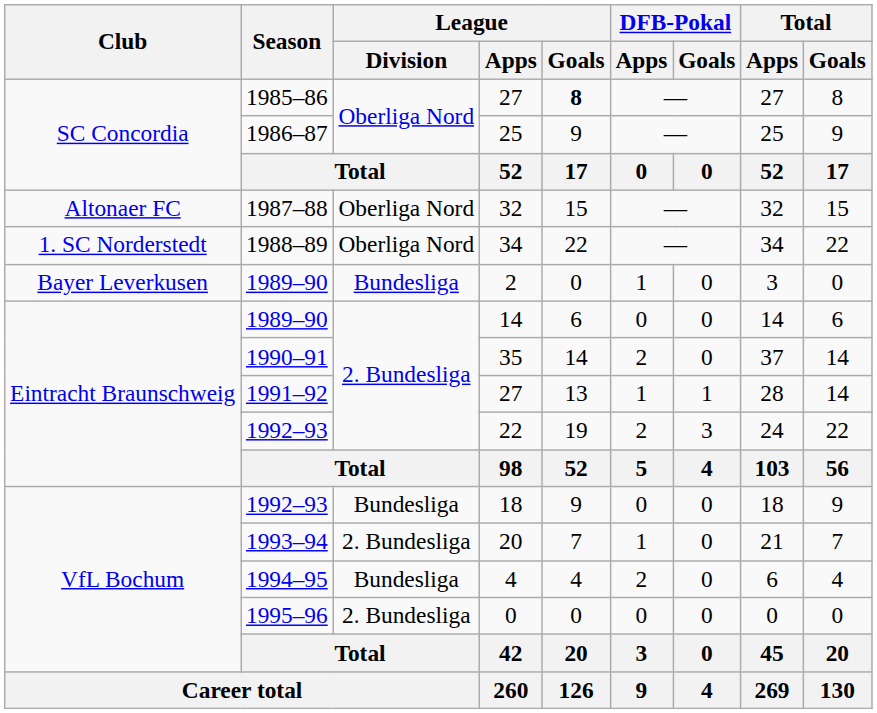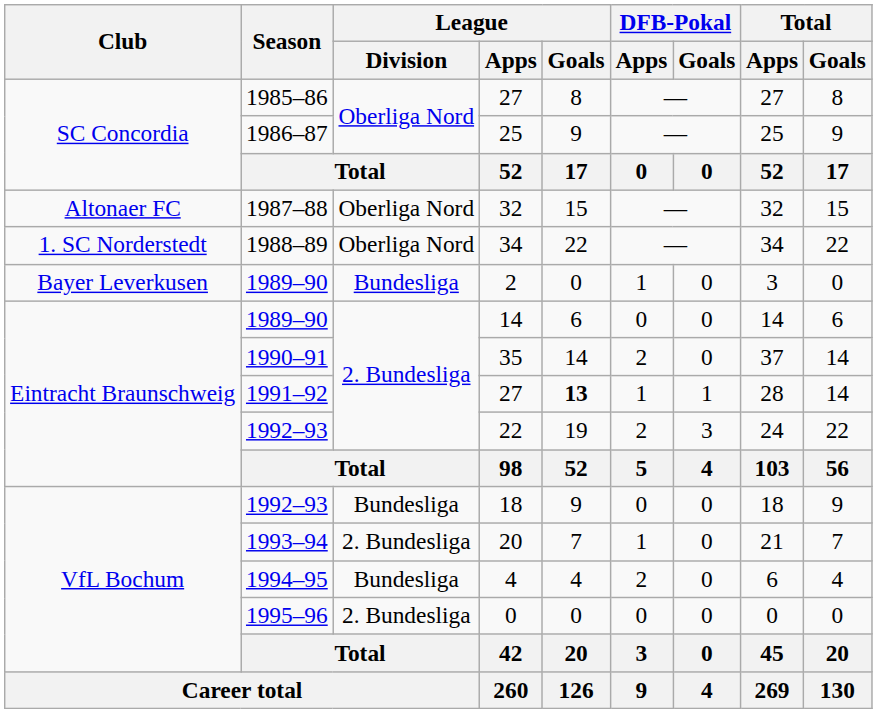 <table class="wikitable" style="text-align:center">
 <tr>
 <th rowspan="2">Club</th>
 <th rowspan="2">Season</th>
 <th colspan="3">League</th>
 <th colspan="2"><a href='#'>DFB-Pokal</a></th>
 <th colspan="2">Total</th>
 </tr>
 <tr>
 <th>Division</th>
 <th>Apps</th>
 <th>Goals</th>
 <th>Apps</th>
 <th>Goals</th>
 <th>Apps</th>
 <th>Goals</th>
 </tr>
 <tr>
 <td rowspan="3"><a href='#'>SC Concordia</a></td>
 <td>1985–86</td>
 <td rowspan="2"><a href='#'>Oberliga Nord</a></td>
 <td>27</td>
-<td><strong>8</strong></td>
+<td>8</td>
 <td colspan="2">—</td>
 <td>27</td>
 <td>8</td>
 </tr>
 <tr>
 <td>1986–87</td>
 <td>25</td>
 <td>9</td>
 <td colspan="2">—</td>
 <td>25</td>
 <td>9</td>
 </tr>
 <tr>
 <th colspan="2">Total</th>
 <th>52</th>
 <th>17</th>
 <th>0</th>
 <th>0</th>
 <th>52</th>
 <th>17</th>
 </tr>
 <tr>
 <td><a href='#'>Altonaer FC</a></td>
 <td>1987–88</td>
 <td>Oberliga Nord</td>
 <td>32</td>
 <td>15</td>
 <td colspan="2">—</td>
 <td>32</td>
 <td>15</td>
 </tr>
 <tr>
 <td><a href='#'>1. SC Norderstedt</a></td>
 <td>1988–89</td>
 <td>Oberliga Nord</td>
 <td>34</td>
 <td>22</td>
 <td colspan="2">—</td>
 <td>34</td>
 <td>22</td>
 </tr>
 <tr>
 <td><a href='#'>Bayer Leverkusen</a></td>
 <td><a href='#'>1989–90</a></td>
 <td><a href='#'>Bundesliga</a></td>
 <td>2</td>
 <td>0</td>
 <td>1</td>
 <td>0</td>
 <td>3</td>
 <td>0</td>
 </tr>
 <tr>
 <td rowspan="5"><a href='#'>Eintracht Braunschweig</a></td>
 <td><a href='#'>1989–90</a></td>
 <td rowspan="4"><a href='#'>2. Bundesliga</a></td>
 <td>14</td>
 <td>6</td>
 <td>0</td>
 <td>0</td>
 <td>14</td>
 <td>6</td>
 </tr>
 <tr>
 <td><a href='#'>1990–91</a></td>
 <td>35</td>
 <td>14</td>
 <td>2</td>
 <td>0</td>
 <td>37</td>
 <td>14</td>
 </tr>
 <tr>
 <td><a href='#'>1991–92</a></td>
 <td>27</td>
-<td>13</td>
+<td><strong>13</strong></td>
 <td>1</td>
 <td>1</td>
 <td>28</td>
 <td>14</td>
 </tr>
 <tr>
 <td><a href='#'>1992–93</a></td>
 <td>22</td>
 <td>19</td>
 <td>2</td>
 <td>3</td>
 <td>24</td>
 <td>22</td>
 </tr>
 <tr>
 <th colspan="2">Total</th>
 <th>98</th>
 <th>52</th>
 <th>5</th>
 <th>4</th>
 <th>103</th>
 <th>56</th>
 </tr>
 <tr>
 <td rowspan="5"><a href='#'>VfL Bochum</a></td>
 <td><a href='#'>1992–93</a></td>
 <td>Bundesliga</td>
 <td>18</td>
 <td>9</td>
 <td>0</td>
 <td>0</td>
 <td>18</td>
 <td>9</td>
 </tr>
 <tr>
 <td><a href='#'>1993–94</a></td>
 <td>2. Bundesliga</td>
 <td>20</td>
 <td>7</td>
 <td>1</td>
 <td>0</td>
 <td>21</td>
 <td>7</td>
 </tr>
 <tr>
 <td><a href='#'>1994–95</a></td>
 <td>Bundesliga</td>
 <td>4</td>
 <td>4</td>
 <td>2</td>
 <td>0</td>
 <td>6</td>
 <td>4</td>
 </tr>
 <tr>
 <td><a href='#'>1995–96</a></td>
 <td>2. Bundesliga</td>
 <td>0</td>
 <td>0</td>
 <td>0</td>
 <td>0</td>
 <td>0</td>
 <td>0</td>
 </tr>
 <tr>
 <th colspan="2">Total</th>
 <th>42</th>
 <th>20</th>
 <th>3</th>
 <th>0</th>
 <th>45</th>
 <th>20</th>
 </tr>
 <tr>
 <th colspan="3">Career total</th>
 <th>260</th>
 <th>126</th>
 <th>9</th>
 <th>4</th>
 <th>269</th>
 <th>130</th>
 </tr>
 </table>
